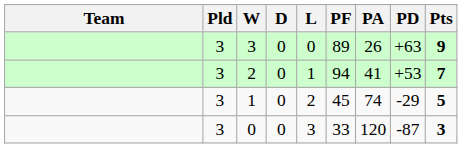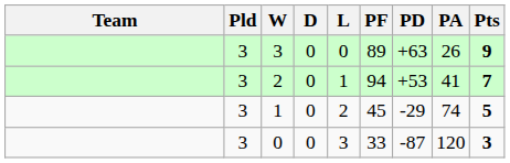 <table class="wikitable" style="text-align:center;">
 <tr>
 <th width=175>Team</th>
 <th width=20 abbr="Played">Pld</th>
 <th width=20 abbr="Won">W</th>
 <th width=20 abbr="Drawn">D</th>
 <th width=20 abbr="Lost">L</th>
 <th width=20 abbr="Points for">PF</th>
+<th width=25 abbr="Points difference">PD</th>
 <th width=20 abbr="Points against">PA</th>
-<th width=25 abbr="Points difference">PD</th>
 <th width=20 abbr="Points">Pts</th>
 </tr>
 <tr bgcolor=ccffcc>
 <td align=left></td>
 <td>3</td>
 <td>3</td>
 <td>0</td>
 <td>0</td>
 <td>89</td>
+<td>+63</td>
 <td>26</td>
-<td>+63</td>
 <td><strong>9</strong></td>
 </tr>
 <tr bgcolor=ccffcc>
 <td align=left></td>
 <td>3</td>
 <td>2</td>
 <td>0</td>
 <td>1</td>
 <td>94</td>
+<td>+53</td>
 <td>41</td>
-<td>+53</td>
 <td><strong>7</strong></td>
 </tr>
 <tr>
 <td align=left></td>
 <td>3</td>
 <td>1</td>
 <td>0</td>
 <td>2</td>
 <td>45</td>
+<td>-29</td>
 <td>74</td>
-<td>-29</td>
 <td><strong>5</strong></td>
 </tr>
 <tr>
 <td align=left></td>
 <td>3</td>
 <td>0</td>
 <td>0</td>
 <td>3</td>
 <td>33</td>
+<td>-87</td>
 <td>120</td>
-<td>-87</td>
 <td><strong>3</strong></td>
 </tr>
 </table>
